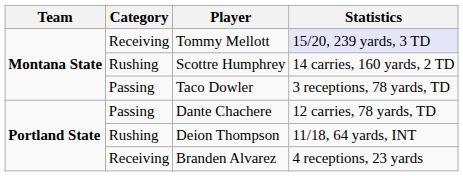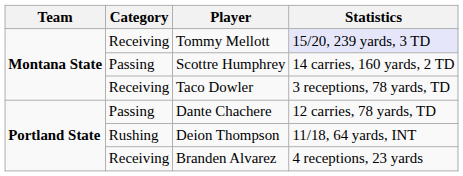 <table class="wikitable" style="float: right;">
 <tr>
 <th>Team</th>
 <th>Category</th>
 <th>Player</th>
 <th>Statistics</th>
 </tr>
 <tr>
 <td rowspan=3><strong>Montana State</strong></td>
 <td>Receiving</td>
 <td>Tommy Mellott</td>
 <td style="background: lavender;">15/20, 239 yards, 3 TD</td>
 </tr>
 <tr>
-<td>Rushing</td>
+<td>Passing</td>
 <td>Scottre Humphrey</td>
 <td>14 carries, 160 yards, 2 TD</td>
 </tr>
 <tr>
-<td>Passing</td>
+<td>Receiving</td>
 <td>Taco Dowler</td>
 <td>3 receptions, 78 yards, TD</td>
 </tr>
 <tr>
 <td rowspan=3><strong>Portland State</strong></td>
 <td>Passing</td>
 <td>Dante Chachere</td>
 <td>12 carries, 78 yards, TD</td>
 </tr>
 <tr>
 <td>Rushing</td>
 <td>Deion Thompson</td>
 <td>11/18, 64 yards, INT</td>
 </tr>
 <tr>
 <td>Receiving</td>
 <td>Branden Alvarez</td>
 <td>4 receptions, 23 yards</td>
 </tr>
 </table>
